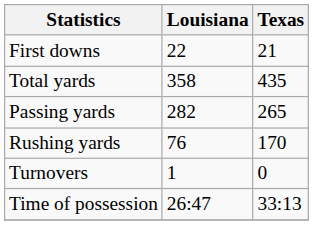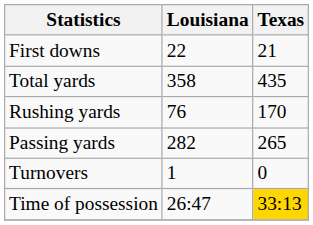 <table class="wikitable">
 <tr>
 <th>Statistics</th>
 <th>Louisiana</th>
 <th>Texas</th>
 </tr>
 <tr>
 <td>First downs</td>
 <td>22</td>
 <td>21</td>
 </tr>
 <tr>
 <td>Total yards</td>
 <td>358</td>
 <td>435</td>
 </tr>
 <tr>
+<td>Rushing yards</td>
+<td>76</td>
+<td>170</td>
+</tr>
+<tr>
 <td>Passing yards</td>
 <td>282</td>
 <td>265</td>
-</tr>
-<tr>
-<td>Rushing yards</td>
-<td>76</td>
-<td>170</td>
 </tr>
 <tr>
 <td>Turnovers</td>
 <td>1</td>
 <td>0</td>
 </tr>
 <tr>
 <td>Time of possession</td>
 <td>26:47</td>
-<td>33:13</td>
+<td style="background: gold;">33:13</td>
 </tr>
 <tr>
 </tr>
 </table>
